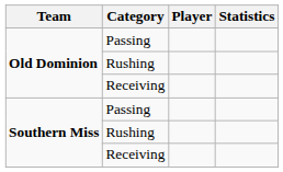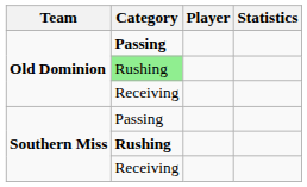 <table class="wikitable" style="float: right;">
 <tr>
 <th>Team</th>
 <th>Category</th>
 <th>Player</th>
 <th>Statistics</th>
 </tr>
 <tr>
 <td rowspan=3><strong>Old Dominion</strong></td>
-<td>Passing</td>
+<td><strong>Passing</strong></td>
 <td></td>
 <td></td>
 </tr>
 <tr>
-<td>Rushing</td>
+<td style="background: lightgreen;">Rushing</td>
 <td></td>
 <td></td>
 </tr>
 <tr>
 <td>Receiving</td>
 <td></td>
 <td></td>
 </tr>
 <tr>
 <td rowspan=3><strong>Southern Miss</strong></td>
 <td>Passing</td>
 <td></td>
 <td></td>
 </tr>
 <tr>
-<td>Rushing</td>
+<td><strong>Rushing</strong></td>
 <td></td>
 <td></td>
 </tr>
 <tr>
 <td>Receiving</td>
 <td></td>
 <td></td>
 </tr>
 </table>
